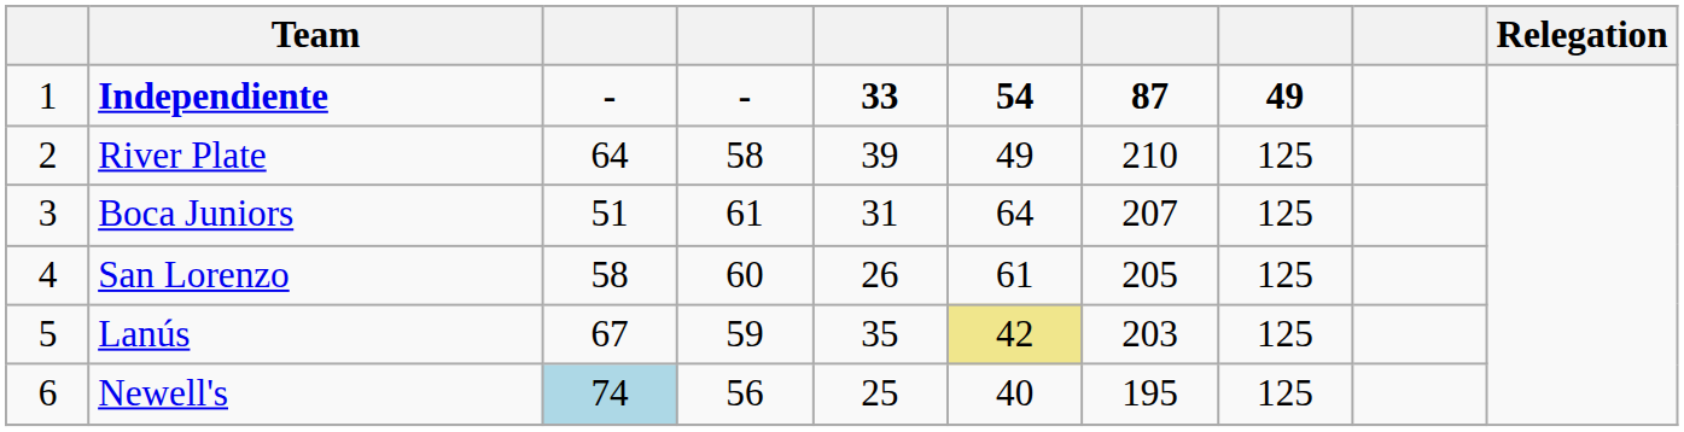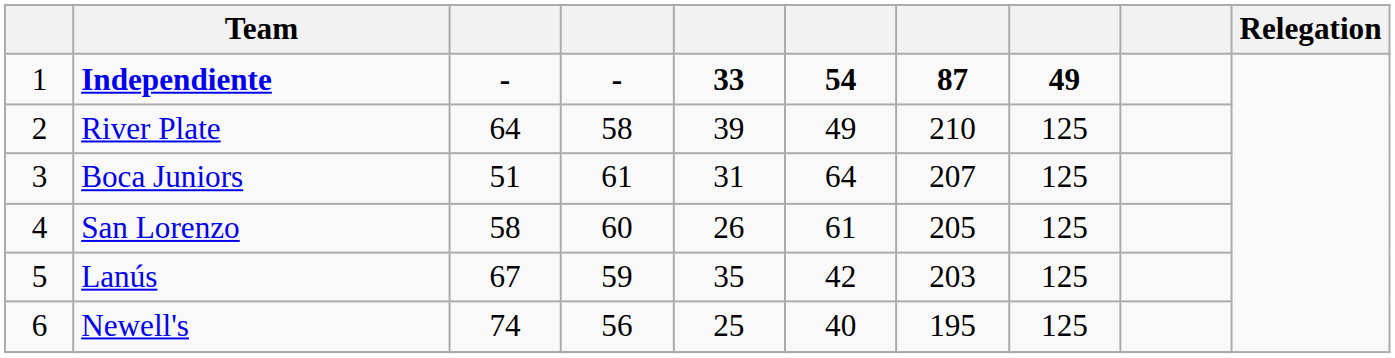 <table class="wikitable" style="text-align: center;">
 <tr>
 <th width=28><br></th>
 <th width=185>Team</th>
 <th width=50></th>
 <th width=50></th>
 <th width=50></th>
 <th width=50></th>
 <th width=50></th>
 <th width=50></th>
 <th width=50><br></th>
 <th>Relegation</th>
 </tr>
 <tr>
 <td>1</td>
 <td align="left"><strong><a href='#'>Independiente</a></strong></td>
 <td><strong>-</strong></td>
 <td><strong>-</strong></td>
 <td><strong>33</strong></td>
 <td><strong>54</strong></td>
 <td><strong>87</strong></td>
 <td><strong>49</strong></td>
 <td><strong></strong></td>
 </tr>
 <tr>
 <td>2</td>
 <td align="left"><a href='#'>River Plate</a></td>
 <td>64</td>
 <td>58</td>
 <td>39</td>
 <td>49</td>
 <td>210</td>
 <td>125</td>
 <td></td>
 </tr>
 <tr>
 <td>3</td>
 <td align="left"><a href='#'>Boca Juniors</a></td>
 <td>51</td>
 <td>61</td>
 <td>31</td>
 <td>64</td>
 <td>207</td>
 <td>125</td>
 <td></td>
 </tr>
 <tr>
 <td>4</td>
 <td align="left"><a href='#'>San Lorenzo</a></td>
 <td>58</td>
 <td>60</td>
 <td>26</td>
 <td>61</td>
 <td>205</td>
 <td>125</td>
 <td></td>
 </tr>
 <tr>
 <td>5</td>
 <td align="left"><a href='#'>Lanús</a></td>
 <td>67</td>
 <td>59</td>
 <td>35</td>
-<td style="background: khaki;">42</td>
+<td>42</td>
 <td>203</td>
 <td>125</td>
 <td></td>
 </tr>
 <tr>
 <td>6</td>
 <td align="left"><a href='#'>Newell's</a></td>
-<td style="background: lightblue;">74</td>
+<td>74</td>
 <td>56</td>
 <td>25</td>
 <td>40</td>
 <td>195</td>
 <td>125</td>
 <td></td>
 </tr>
 <tr>
 </tr>
 </table>
